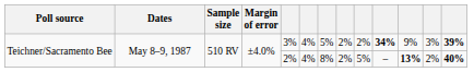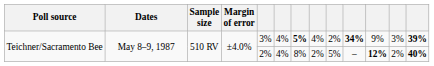 <table class="wikitable" style="font-size:90%;text-align:center;">
 <tr>
 <th>Poll source</th>
 <th style="width:120px;">Dates</th>
 <th>Sample<br>size</th>
 <th>Margin<br>of error</th>
 <th></th>
 <th></th>
 <th></th>
 <th></th>
 <th></th>
 <th></th>
 <th></th>
 <th></th>
 <th></th>
 </tr>
 <tr>
 <td rowspan="2">Teichner/Sacramento Bee</td>
 <td rowspan="2">May 8–9, 1987</td>
 <td rowspan="2">510 RV</td>
 <td rowspan="2">±4.0%</td>
 <td>3%</td>
 <td>4%</td>
-<td>5%</td>
-<td>2%</td>
+<td><strong>5%</strong></td>
+<td>4%</td>
 <td>2%</td>
 <td><strong>34%</strong></td>
 <td>9%</td>
 <td>3%</td>
 <td><strong>39%</strong></td>
 </tr>
 <tr>
 <td>2%</td>
 <td>4%</td>
 <td>8%</td>
 <td>2%</td>
 <td>5%</td>
 <td>–</td>
-<td><strong>13%</strong></td>
+<td><strong>12%</strong></td>
 <td>2%</td>
 <td><strong>40%</strong></td>
 </tr>
 </table>
